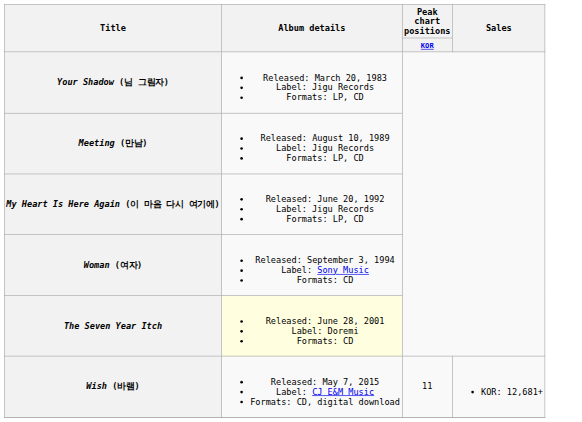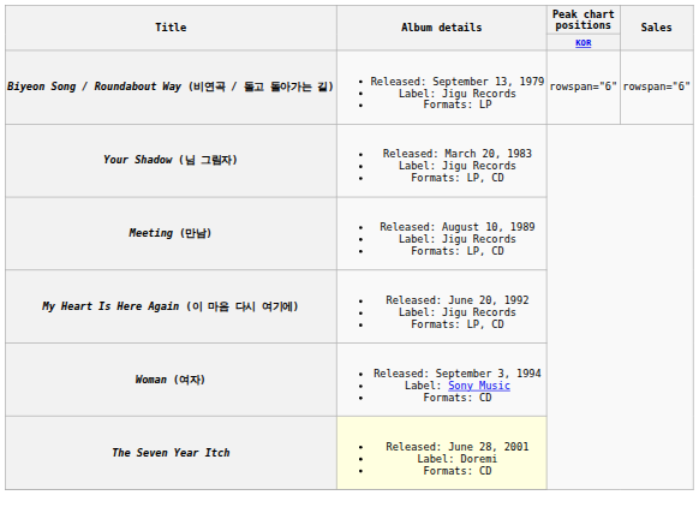 <table class="wikitable plainrowheaders" style="text-align:center;">
 <tr>
 <th scope="col" rowspan="2">Title</th>
 <th rowspan="2" scope="col">Album details</th>
 <th scope="col" colspan="1" style="width:5em;">Peak chart positions</th>
 <th rowspan="2" scope="col">Sales</th>
 </tr>
 <tr>
 <th><small><a href='#'>KOR</a></small><br></th>
+</tr>
+<tr>
+<th scope="row"><em>Biyeon Song / Roundabout Way</em> (비연곡 / 돌고 돌아가는 길)</th>
+<td><br><ul><li>Released: September 13, 1979</li><li>Label: Jigu Records</li><li>Formats: LP</li></ul></td>
+<td>rowspan="6" </td>
+<td>rowspan="6" </td>
 </tr>
 <tr>
 <th scope="row"><em>Your Shadow</em> (님 그림자)</th>
 <td><br><ul><li>Released: March 20, 1983</li><li>Label: Jigu Records</li><li>Formats: LP, CD</li></ul></td>
 </tr>
 <tr>
 <th scope="row"><em>Meeting</em> (만남)</th>
 <td><br><ul><li>Released: August 10, 1989</li><li>Label: Jigu Records</li><li>Formats: LP, CD</li></ul></td>
 </tr>
 <tr>
 <th scope="row"><em>My Heart Is Here Again</em> (이 마음 다시 여기에)</th>
 <td><br><ul><li>Released: June 20, 1992</li><li>Label: Jigu Records</li><li>Formats: LP, CD</li></ul></td>
 </tr>
 <tr>
 <th scope="row"><em>Woman</em> (여자)</th>
 <td><br><ul><li>Released: September 3, 1994</li><li>Label: <a href='#'>Sony Music</a></li><li>Formats: CD</li></ul></td>
 </tr>
 <tr>
 <th scope="row"><em>The Seven Year Itch</em></th>
 <td style="background: lightyellow;"><br><ul><li>Released: June 28, 2001</li><li>Label: Doremi</li><li>Formats: CD</li></ul></td>
 </tr>
 <tr>
-<th scope="row"><em>Wish</em> (바램)</th>
-<td><br><ul><li>Released: May 7, 2015</li><li>Label: <a href='#'>CJ E&M Music</a></li><li>Formats: CD, digital download</li></ul></td>
-<td>11</td>
-<td><br><ul><li>KOR: 12,681+</li></ul></td>
-</tr>
-<tr>
 </tr>
 </table>
